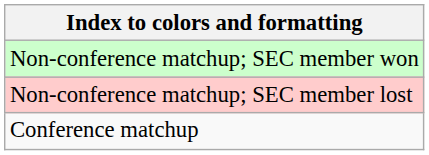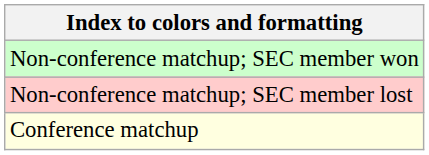 <table class="wikitable">
 <tr>
 <th>Index to colors and formatting</th>
 </tr>
 <tr bgcolor=#ccffcc>
 <td>Non-conference matchup; SEC member won</td>
 </tr>
 <tr bgcolor=#ffcccc>
 <td>Non-conference matchup; SEC member lost</td>
 </tr>
 <tr>
-<td>Conference matchup</td>
+<td style="background: lightyellow;">Conference matchup</td>
 </tr>
 </table>
